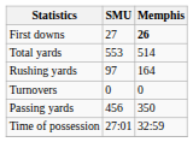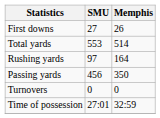 <table class="wikitable" style="float: right;">
 <tr>
 <th>Statistics</th>
 <th>SMU</th>
 <th>Memphis</th>
 </tr>
 <tr>
 <td>First downs</td>
 <td>27</td>
-<td><strong>26</strong></td>
+<td>26</td>
 </tr>
 <tr>
 <td>Total yards</td>
 <td>553</td>
 <td>514</td>
 </tr>
 <tr>
 <td>Rushing yards</td>
 <td>97</td>
 <td>164</td>
 </tr>
 <tr>
+<td>Passing yards</td>
+<td>456</td>
+<td>350</td>
+</tr>
+<tr>
 <td>Turnovers</td>
 <td>0</td>
 <td>0</td>
-</tr>
-<tr>
-<td>Passing yards</td>
-<td>456</td>
-<td>350</td>
 </tr>
 <tr>
 <td>Time of possession</td>
 <td>27:01</td>
 <td>32:59</td>
 </tr>
 <tr>
 </tr>
 </table>
